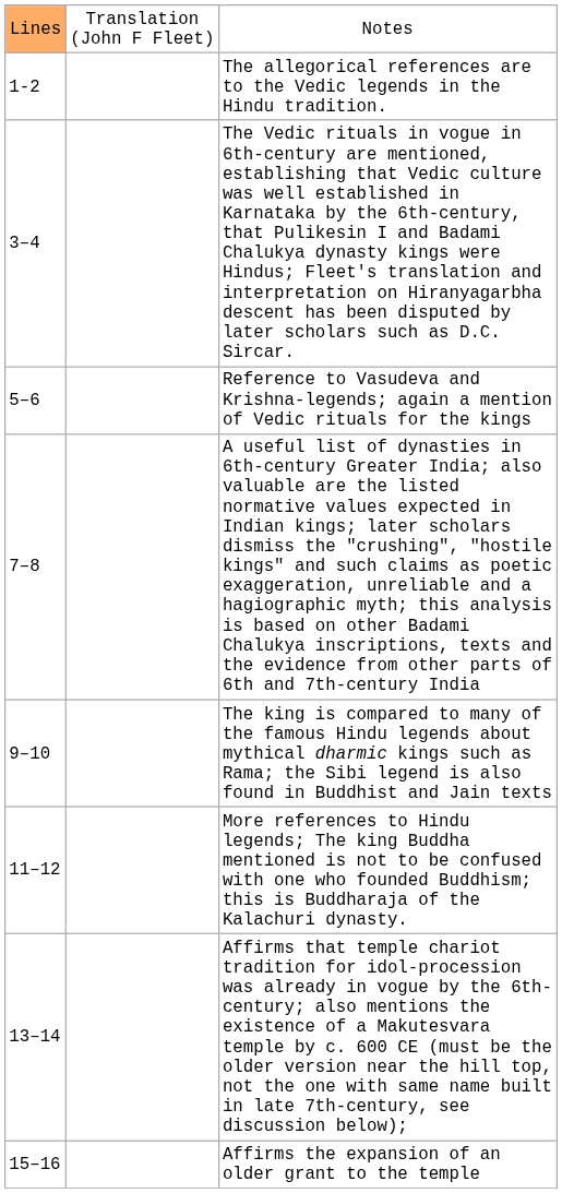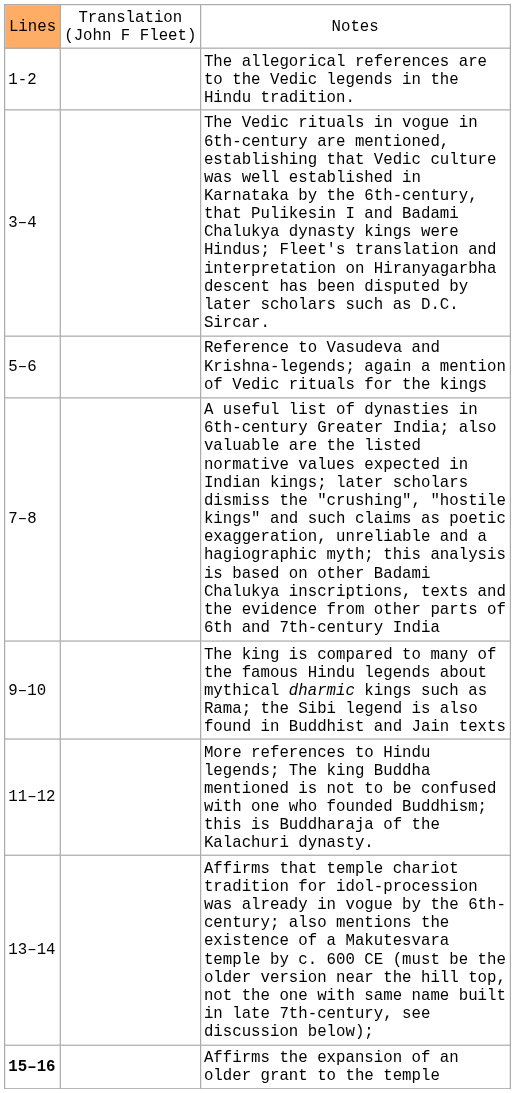 <table class="wikitable" align=center style = " background: transparent; ">
 <tr style="text-align: center;">
 <td width=40px style="background: #ffad66;">Lines</td>
 <td>Translation<br>(John F Fleet)</td>
 <td width=250px>Notes</td>
 </tr>
 <tr style="text-align: left;">
 <td>1-2</td>
 <td></td>
 <td>The allegorical references are to the Vedic legends in the Hindu tradition.</td>
 </tr>
 <tr>
 <td>3–4</td>
 <td></td>
 <td>The Vedic rituals in vogue in 6th-century are mentioned, establishing that Vedic culture was well established in Karnataka by the 6th-century, that Pulikesin I and Badami Chalukya dynasty kings were Hindus; Fleet's translation and interpretation on Hiranyagarbha descent has been disputed by later scholars such as D.C. Sircar.</td>
 </tr>
 <tr>
 <td>5–6</td>
 <td></td>
 <td>Reference to Vasudeva and Krishna-legends; again a mention of Vedic rituals for the kings</td>
 </tr>
 <tr>
 <td>7–8</td>
 <td></td>
 <td>A useful list of dynasties in 6th-century Greater India; also valuable are the listed normative values expected in Indian kings; later scholars dismiss the "crushing", "hostile kings" and such claims as poetic exaggeration, unreliable and a hagiographic myth; this analysis is based on other Badami Chalukya inscriptions, texts and the evidence from other parts of 6th and 7th-century India</td>
 </tr>
 <tr>
 <td>9–10</td>
 <td></td>
 <td>The king is compared to many of the famous Hindu legends about mythical <em>dharmic</em> kings such as Rama; the Sibi legend is also found in Buddhist and Jain texts</td>
 </tr>
 <tr>
 <td>11–12</td>
 <td></td>
 <td>More references to Hindu legends; The king Buddha mentioned is not to be confused with one who founded Buddhism; this is Buddharaja of the Kalachuri dynasty.</td>
 </tr>
 <tr>
 <td>13–14</td>
 <td></td>
 <td>Affirms that temple chariot tradition for idol-procession was already in vogue by the 6th-century; also mentions the existence of a Makutesvara temple by c. 600 CE (must be the older version near the hill top, not the one with same name built in late 7th-century, see discussion below);</td>
 </tr>
 <tr>
-<td>15–16</td>
+<td><strong>15–16</strong></td>
 <td></td>
 <td>Affirms the expansion of an older grant to the temple</td>
 </tr>
 </table>
